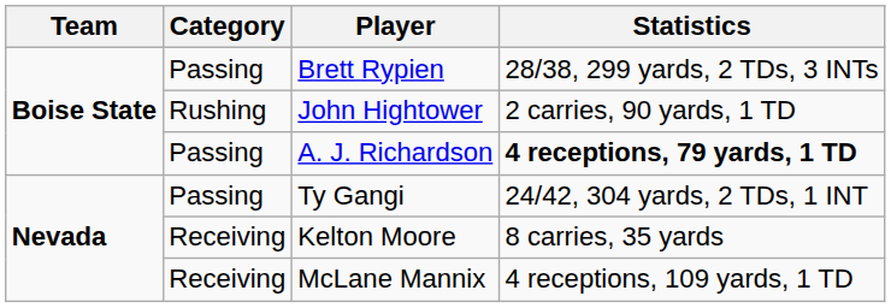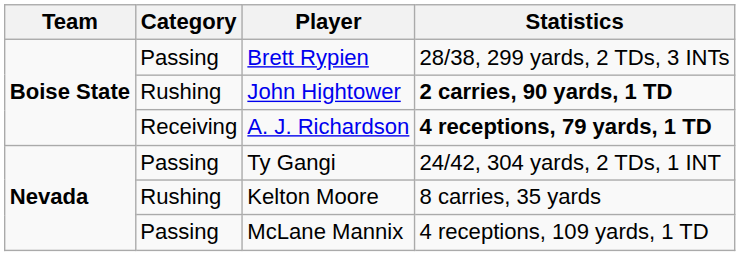 <table class="wikitable" style="float: left;">
 <tr>
 <th>Team</th>
 <th>Category</th>
 <th>Player</th>
 <th>Statistics</th>
 </tr>
 <tr>
 <td rowspan=3><strong>Boise State</strong></td>
 <td>Passing</td>
 <td><a href='#'>Brett Rypien</a></td>
 <td>28/38, 299 yards, 2 TDs, 3 INTs</td>
 </tr>
 <tr>
 <td>Rushing</td>
 <td><a href='#'>John Hightower</a></td>
-<td>2 carries, 90 yards, 1 TD</td>
+<td><strong>2 carries, 90 yards, 1 TD</strong></td>
 </tr>
 <tr>
-<td>Passing</td>
+<td>Receiving</td>
 <td><a href='#'>A. J. Richardson</a></td>
 <td><strong>4 receptions, 79 yards, 1 TD</strong></td>
 </tr>
 <tr>
 <td rowspan=3><strong>Nevada</strong></td>
 <td>Passing</td>
 <td>Ty Gangi</td>
 <td>24/42, 304 yards, 2 TDs, 1 INT</td>
 </tr>
 <tr>
-<td>Receiving</td>
+<td>Rushing</td>
 <td>Kelton Moore</td>
 <td>8 carries, 35 yards</td>
 </tr>
 <tr>
-<td>Receiving</td>
+<td>Passing</td>
 <td>McLane Mannix</td>
 <td>4 receptions, 109 yards, 1 TD</td>
 </tr>
 </table>
